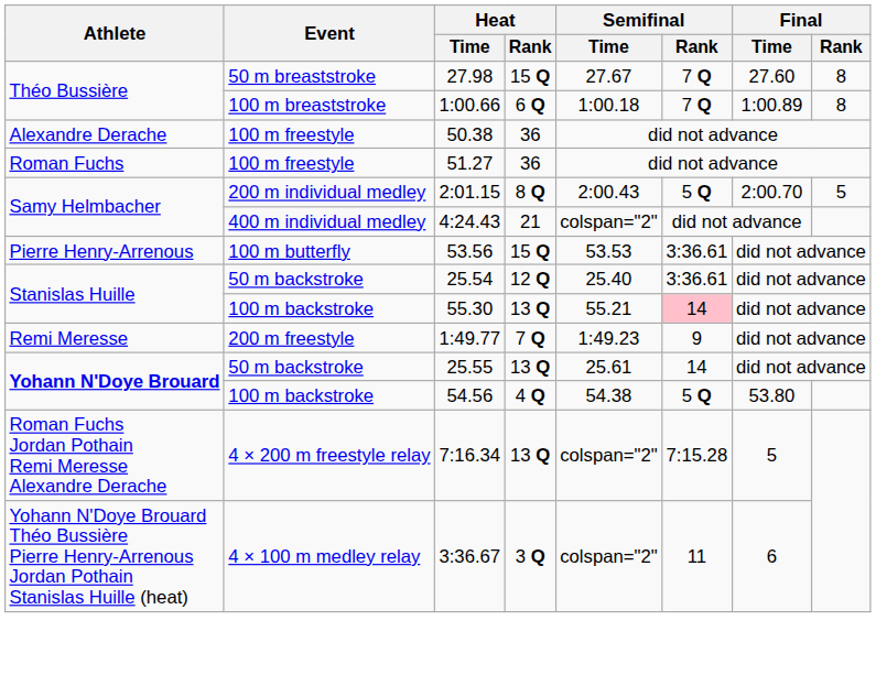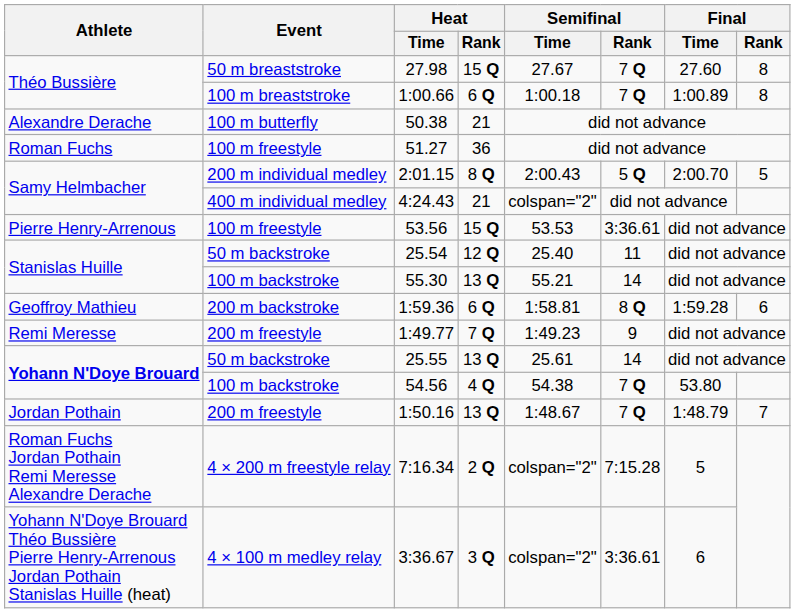 <table class=wikitable style="font-size:90%">
 <tr>
 <th rowspan=2>Athlete</th>
 <th rowspan=2>Event</th>
 <th colspan=2>Heat</th>
 <th colspan=2>Semifinal</th>
 <th colspan=2>Final</th>
 </tr>
 <tr style="font-size:95%">
 <th>Time</th>
 <th>Rank</th>
 <th>Time</th>
 <th>Rank</th>
 <th>Time</th>
 <th>Rank</th>
 </tr>
 <tr align=center>
 <td align=left rowspan="2"><a href='#'>Théo Bussière</a></td>
 <td align=left><a href='#'>50 m breaststroke</a></td>
 <td>27.98</td>
 <td>15 <strong>Q</strong></td>
 <td>27.67</td>
 <td>7 <strong>Q</strong></td>
 <td>27.60</td>
 <td>8</td>
 </tr>
 <tr align=center>
 <td align=left><a href='#'>100 m breaststroke</a></td>
 <td>1:00.66</td>
 <td>6 <strong>Q</strong></td>
 <td>1:00.18</td>
 <td>7 <strong>Q</strong></td>
 <td>1:00.89</td>
 <td>8</td>
 </tr>
 <tr align=center>
 <td align=left><a href='#'>Alexandre Derache</a></td>
-<td align=left><a href='#'>100 m freestyle</a></td>
+<td align=left><a href='#'>100 m butterfly</a></td>
 <td>50.38</td>
-<td>36</td>
+<td>21</td>
 <td colspan="4">did not advance</td>
 </tr>
 <tr align=center>
 <td align=left><a href='#'>Roman Fuchs</a></td>
 <td align=left><a href='#'>100 m freestyle</a></td>
 <td>51.27</td>
 <td>36</td>
 <td colspan="4">did not advance</td>
 </tr>
 <tr align=center>
 <td align=left rowspan="2"><a href='#'>Samy Helmbacher</a></td>
 <td align=left><a href='#'>200 m individual medley</a></td>
 <td>2:01.15</td>
 <td>8 <strong>Q</strong></td>
 <td>2:00.43</td>
 <td>5 <strong>Q</strong></td>
 <td>2:00.70</td>
 <td>5</td>
 </tr>
 <tr align=center>
 <td align=left><a href='#'>400 m individual medley</a></td>
 <td>4:24.43</td>
 <td>21</td>
 <td>colspan="2" </td>
 <td colspan="2">did not advance</td>
 </tr>
 <tr align=center>
 <td align=left><a href='#'>Pierre Henry-Arrenous</a></td>
-<td align=left><a href='#'>100 m butterfly</a></td>
+<td align=left><a href='#'>100 m freestyle</a></td>
 <td>53.56</td>
 <td>15 <strong>Q</strong></td>
 <td>53.53</td>
 <td>3:36.61</td>
 <td colspan="2">did not advance</td>
 </tr>
 <tr align=center>
 <td align=left rowspan="2"><a href='#'>Stanislas Huille</a></td>
 <td align=left><a href='#'>50 m backstroke</a></td>
 <td>25.54</td>
 <td>12 <strong>Q</strong></td>
 <td>25.40</td>
-<td>3:36.61</td>
+<td>11</td>
 <td colspan="2">did not advance</td>
 </tr>
 <tr align=center>
 <td align=left><a href='#'>100 m backstroke</a></td>
 <td>55.30</td>
 <td>13 <strong>Q</strong></td>
 <td>55.21</td>
-<td style="background: pink;">14</td>
+<td>14</td>
 <td colspan="2">did not advance</td>
+</tr>
+<tr align=center>
+<td align=left><a href='#'>Geoffroy Mathieu</a></td>
+<td align=left><a href='#'>200 m backstroke</a></td>
+<td>1:59.36</td>
+<td>6 <strong>Q</strong></td>
+<td>1:58.81</td>
+<td>8 <strong>Q</strong></td>
+<td>1:59.28</td>
+<td>6</td>
 </tr>
 <tr align=center>
 <td align=left><a href='#'>Remi Meresse</a></td>
 <td align=left><a href='#'>200 m freestyle</a></td>
 <td>1:49.77</td>
 <td>7 <strong>Q</strong></td>
 <td>1:49.23</td>
 <td>9</td>
 <td colspan="2">did not advance</td>
 </tr>
 <tr align=center>
 <td align=left rowspan="2"><strong><a href='#'>Yohann N'Doye Brouard</a></strong></td>
 <td align=left><a href='#'>50 m backstroke</a></td>
 <td>25.55</td>
 <td>13 <strong>Q</strong></td>
 <td>25.61</td>
 <td>14</td>
 <td colspan="2">did not advance</td>
 </tr>
 <tr align=center>
 <td align=left><a href='#'>100 m backstroke</a></td>
 <td>54.56</td>
 <td>4 <strong>Q</strong></td>
 <td>54.38</td>
-<td>5 <strong>Q</strong></td>
+<td>7 <strong>Q</strong></td>
 <td>53.80</td>
 <td></td>
+</tr>
+<tr align=center>
+<td align=left><a href='#'>Jordan Pothain</a></td>
+<td align=left><a href='#'>200 m freestyle</a></td>
+<td>1:50.16</td>
+<td>13 <strong>Q</strong></td>
+<td>1:48.67</td>
+<td>7 <strong>Q</strong></td>
+<td>1:48.79</td>
+<td>7</td>
 </tr>
 <tr align=center>
 <td align=left><a href='#'>Roman Fuchs</a><br><a href='#'>Jordan Pothain</a><br><a href='#'>Remi Meresse</a><br><a href='#'>Alexandre Derache</a></td>
 <td align=left><a href='#'>4 × 200 m freestyle relay</a></td>
 <td>7:16.34</td>
-<td>13 <strong>Q</strong></td>
+<td>2 <strong>Q</strong></td>
 <td>colspan="2" </td>
 <td>7:15.28</td>
 <td>5</td>
 </tr>
 <tr align=center>
 <td align=left><a href='#'>Yohann N'Doye Brouard</a><br><a href='#'>Théo Bussière</a><br><a href='#'>Pierre Henry-Arrenous</a><br><a href='#'>Jordan Pothain</a><br><a href='#'>Stanislas Huille</a> (heat)</td>
 <td align=left><a href='#'>4 × 100 m medley relay</a></td>
 <td>3:36.67</td>
 <td>3 <strong>Q</strong></td>
 <td>colspan="2" </td>
-<td>11</td>
+<td>3:36.61</td>
 <td>6</td>
 </tr>
 </table>
